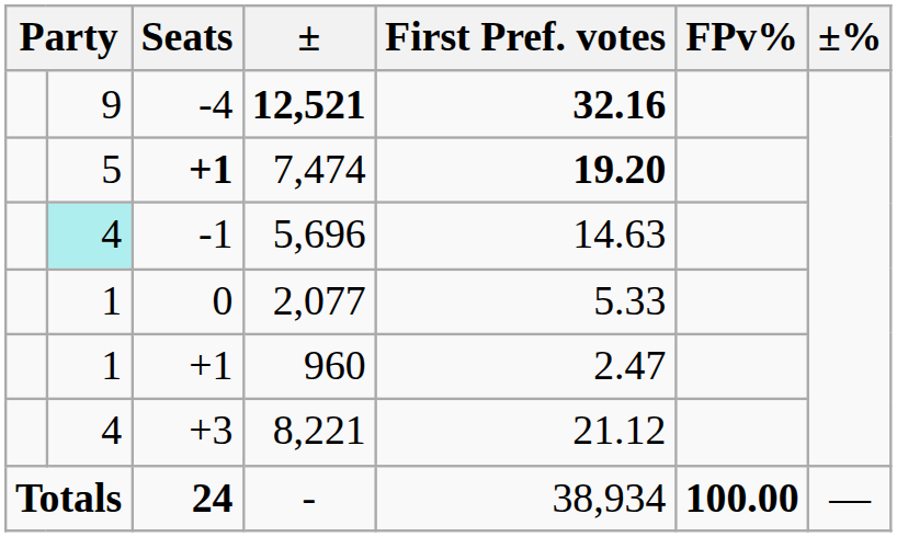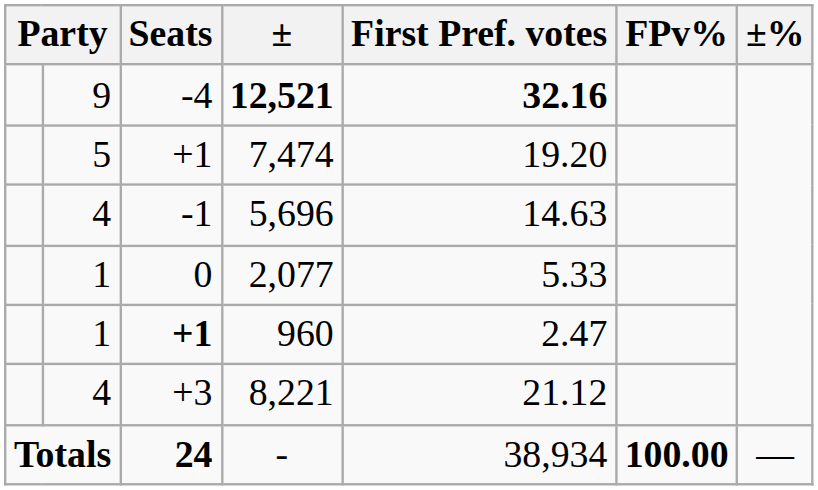 <table class=wikitable>
 <tr>
 <th colspan=2 align=center>Party</th>
 <th valign=top>Seats</th>
 <th valign=top>±</th>
 <th valign=top>First Pref. votes</th>
 <th valign=top>FPv%</th>
 <th valign=top>±%</th>
 </tr>
 <tr>
 <td></td>
 <td align=right>9</td>
 <td align=right>-4</td>
 <td align=right><strong>12,521</strong></td>
 <td align=right><strong>32.16</strong></td>
 <td align=right></td>
 </tr>
 <tr>
 <td></td>
 <td align=right>5</td>
-<td align=right><strong>+1</strong></td>
+<td align=right>+1</td>
 <td align=right>7,474</td>
-<td align=right><strong>19.20</strong></td>
+<td align=right>19.20</td>
 <td align=right></td>
 </tr>
 <tr>
 <td></td>
-<td align=right style="background: paleturquoise;">4</td>
+<td align=right>4</td>
 <td align=right>-1</td>
 <td align=right>5,696</td>
 <td align=right>14.63</td>
 <td align=right></td>
 </tr>
 <tr>
 <td></td>
 <td align=right>1</td>
 <td align=right>0</td>
 <td align=right>2,077</td>
 <td align=right>5.33</td>
 <td align=right></td>
 </tr>
 <tr>
 <td></td>
 <td align=right>1</td>
-<td align=right>+1</td>
+<td align=right><strong>+1</strong></td>
 <td align=right>960</td>
 <td align=right>2.47</td>
 <td align=right></td>
 </tr>
 <tr>
 <td></td>
 <td align=right>4</td>
 <td align=right>+3</td>
 <td align=right>8,221</td>
 <td align=right>21.12</td>
 <td align=right></td>
 </tr>
 <tr>
 <td colspan=2 align=center><strong>Totals</strong></td>
 <td align=right><strong>24</strong></td>
 <td align=center>-</td>
 <td align=right>38,934</td>
 <td align=center><strong>100.00</strong></td>
 <td align=center>—</td>
 </tr>
 </table>
